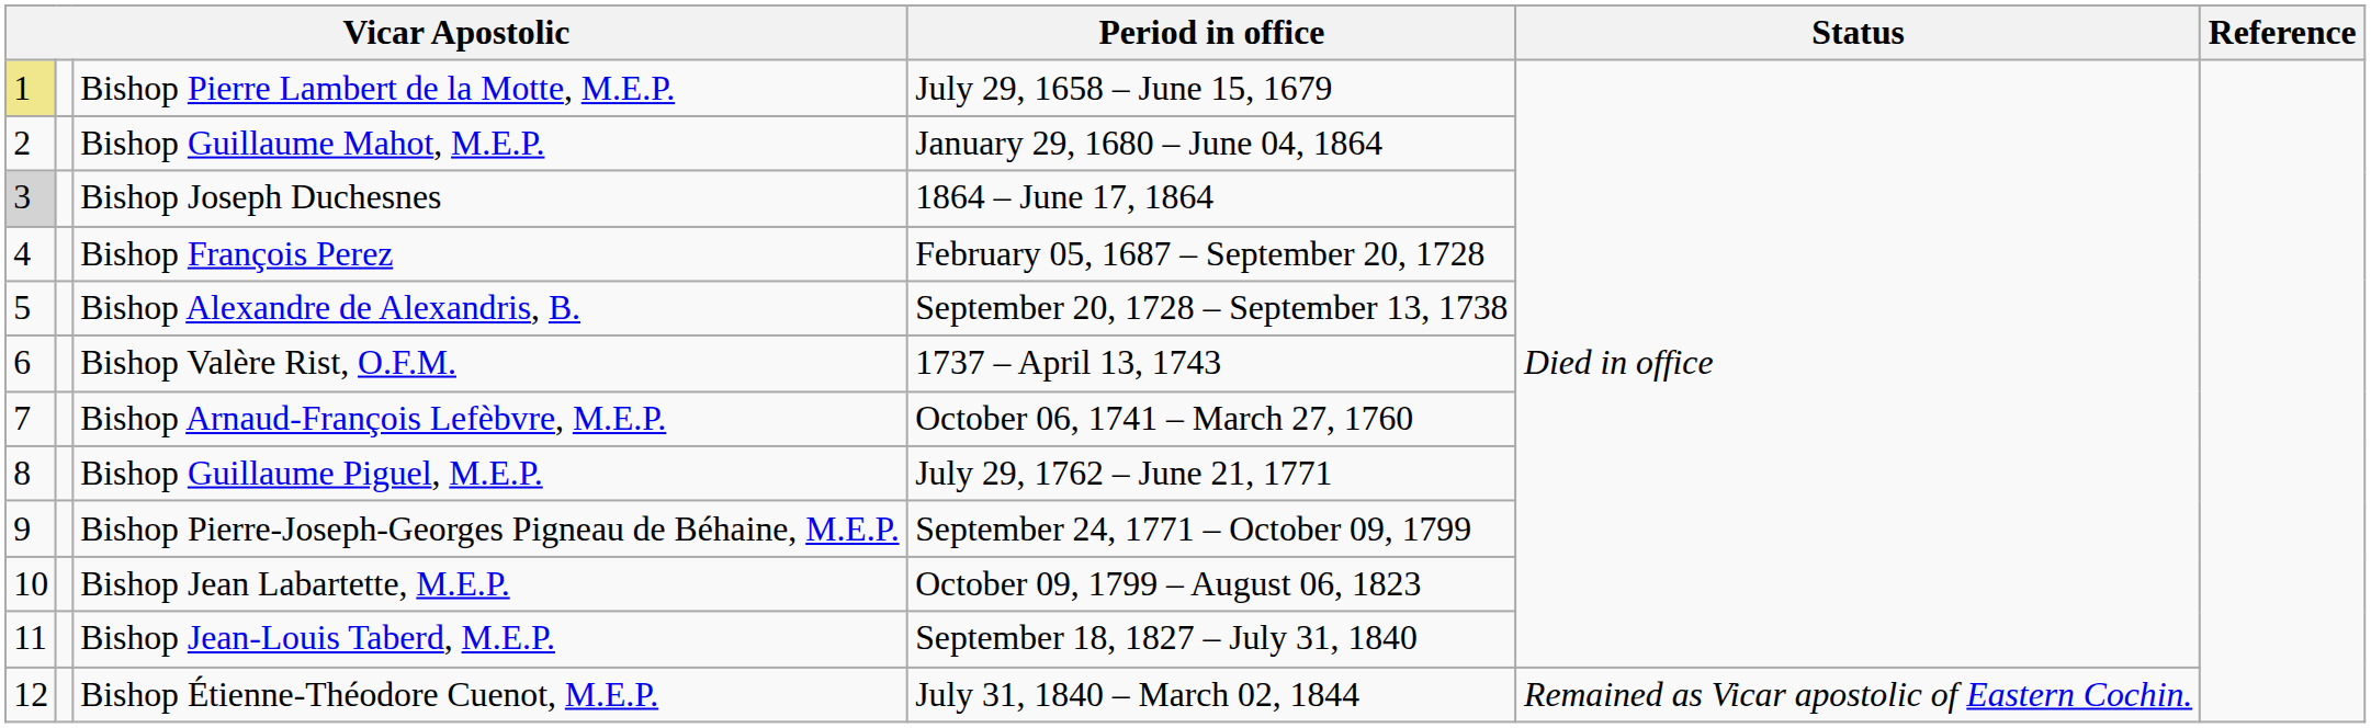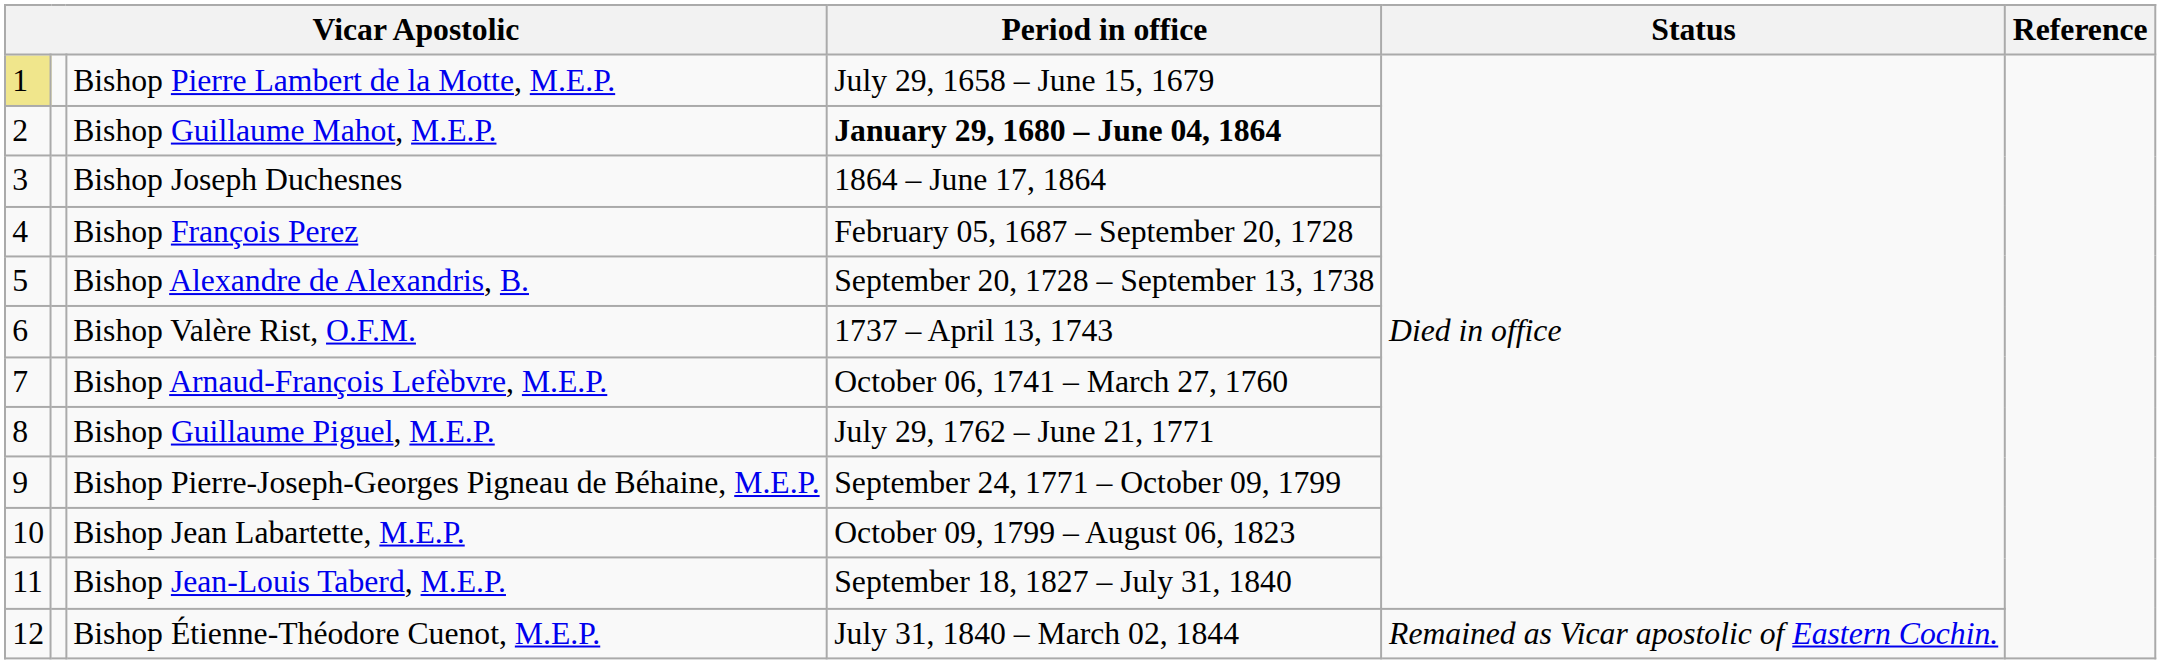 <table class="wikitable">
 <tr>
 <th colspan="3">Vicar Apostolic</th>
 <th>Period in office</th>
 <th>Status</th>
 <th>Reference</th>
 </tr>
 <tr>
 <td style="background: khaki;">1</td>
 <td></td>
 <td>Bishop <a href='#'>Pierre Lambert de la Motte</a>, <a href='#'>M.E.P.</a></td>
 <td>July 29, 1658 – June 15, 1679</td>
 <td rowspan=11><em>Died in office</em></td>
 <td rowspan=12></td>
 </tr>
 <tr>
 <td>2</td>
 <td></td>
 <td>Bishop <a href='#'>Guillaume Mahot</a>, <a href='#'>M.E.P.</a></td>
-<td>January 29, 1680 – June 04, 1864</td>
+<td><strong>January 29, 1680 – June 04, 1864</strong></td>
 </tr>
 <tr>
-<td style="background: lightgrey;">3</td>
+<td>3</td>
 <td></td>
 <td>Bishop Joseph Duchesnes</td>
 <td>1864 – June 17, 1864</td>
 </tr>
 <tr>
 <td>4</td>
 <td></td>
 <td>Bishop <a href='#'>François Perez</a></td>
 <td>February 05, 1687 – September 20, 1728</td>
 </tr>
 <tr>
 <td>5</td>
 <td></td>
 <td>Bishop <a href='#'>Alexandre de Alexandris</a>, <a href='#'>B.</a></td>
 <td>September 20, 1728 – September 13, 1738</td>
 </tr>
 <tr>
 <td>6</td>
 <td></td>
 <td>Bishop Valère Rist, <a href='#'>O.F.M.</a></td>
 <td>1737 – April 13, 1743</td>
 </tr>
 <tr>
 <td>7</td>
 <td></td>
 <td>Bishop <a href='#'>Arnaud-François Lefèbvre</a>, <a href='#'>M.E.P.</a></td>
 <td>October 06, 1741 – March 27, 1760</td>
 </tr>
 <tr>
 <td>8</td>
 <td></td>
 <td>Bishop <a href='#'>Guillaume Piguel</a>, <a href='#'>M.E.P.</a></td>
 <td>July 29, 1762 – June 21, 1771</td>
 </tr>
 <tr>
 <td>9</td>
 <td></td>
 <td>Bishop Pierre-Joseph-Georges Pigneau de Béhaine, <a href='#'>M.E.P.</a></td>
 <td>September 24, 1771 – October 09, 1799</td>
 </tr>
 <tr>
 <td>10</td>
 <td></td>
 <td>Bishop Jean Labartette, <a href='#'>M.E.P.</a></td>
 <td>October 09, 1799 – August 06, 1823</td>
 </tr>
 <tr>
 <td>11</td>
 <td></td>
 <td>Bishop <a href='#'>Jean-Louis Taberd</a>, <a href='#'>M.E.P.</a></td>
 <td>September 18, 1827 – July 31, 1840</td>
 </tr>
 <tr>
 <td>12</td>
 <td></td>
 <td>Bishop Étienne-Théodore Cuenot, <a href='#'>M.E.P.</a></td>
 <td>July 31, 1840 – March 02, 1844</td>
 <td><em>Remained as Vicar apostolic of <a href='#'>Eastern Cochin.</a></em></td>
 </tr>
 </table>
